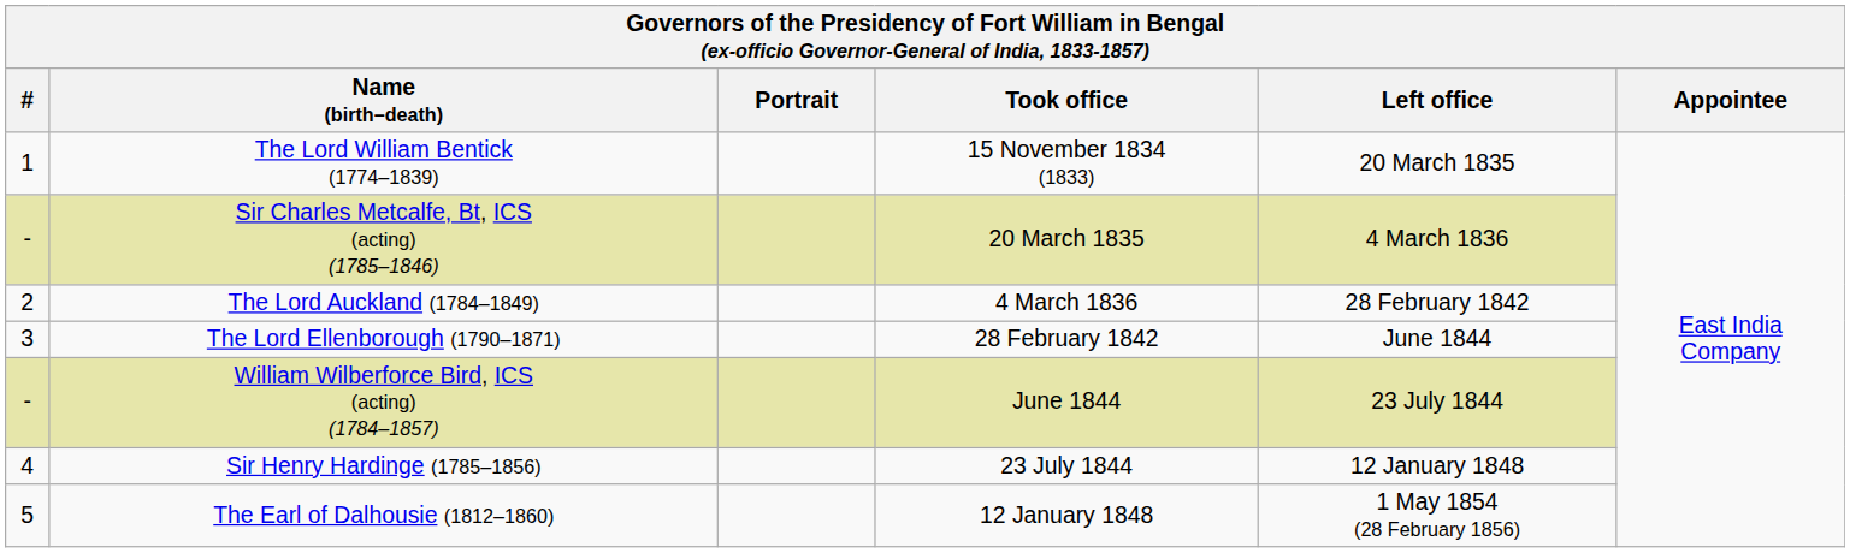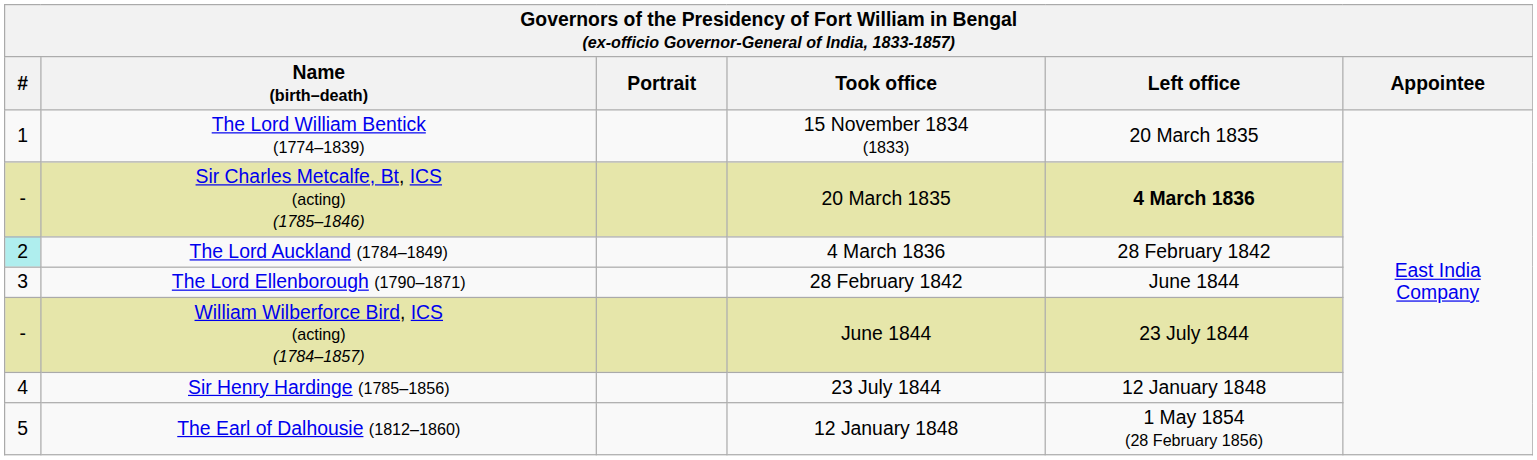 <table class="wikitable" width="100%" style="text-align:center;">
 <tr>
 <th colspan="6"><strong>Governors of the Presidency of Fort William in Bengal</strong><br><small><strong><em>(ex-officio<em> Governor-General of India, 1833-1857)<strong></small></th>
 </tr>
 <tr>
 <th>#</th>
 <th>Name<br><small>(birth–death)</small></th>
 <th width="100px">Portrait</th>
 <th>Took office</th>
 <th>Left office</th>
 <th>Appointee</th>
 </tr>
 <tr align="center">
 <td>1</td>
 <td><a href='#'>The Lord William Bentick</a><br><small>(1774–1839)</small></td>
 <td></td>
 <td>15 November 1834<br><small>(1833)</small></td>
 <td>20 March 1835</td>
 <td rowspan="7"></strong><a href='#'>East India<br>Company</a><strong><br></td>
 </tr>
 <tr align="center">
 <td style="background:#e6e6aa;">-</td>
 <td style="background:#e6e6aa;"><a href='#'>Sir Charles Metcalfe, Bt</a>, <a href='#'>ICS</a><br><small></em>(acting)<em></small><br><small>(1785–1846)</small></td>
 <td style="background:#e6e6aa;"></td>
 <td style="background:#e6e6aa;">20 March 1835</td>
-<td style="background:#e6e6aa;">4 March 1836</td>
+<td style="background:#e6e6aa;"><strong>4 March 1836</strong></td>
 </tr>
 <tr align="center">
-<td>2</td>
+<td style="background: paleturquoise;">2</td>
 <td><a href='#'>The Lord Auckland</a> <small>(1784–1849)</small></td>
 <td></td>
 <td>4 March 1836</td>
 <td>28 February 1842</td>
 </tr>
 <tr align="center">
 <td>3</td>
 <td><a href='#'>The Lord Ellenborough</a> <small>(1790–1871)</small></td>
 <td></td>
 <td>28 February 1842</td>
 <td>June 1844</td>
 </tr>
 <tr align="center">
 <td style="background:#e6e6aa;">-</td>
 <td style="background:#e6e6aa;"><a href='#'>William Wilberforce Bird</a>, <a href='#'>ICS</a><br><small></em>(acting)<em></small><br><small>(1784–1857)</small></td>
 <td style="background:#e6e6aa;"></td>
 <td style="background:#e6e6aa;">June 1844</td>
 <td style="background:#e6e6aa;">23 July 1844</td>
 </tr>
 <tr align="center">
 <td>4</td>
 <td><a href='#'>Sir Henry Hardinge</a> <small>(1785–1856)</small></td>
 <td></td>
 <td>23 July 1844</td>
 <td>12 January 1848</td>
 </tr>
 <tr align="center">
 <td>5</td>
 <td><a href='#'>The Earl of Dalhousie</a> <small>(1812–1860)</small></td>
 <td></td>
 <td>12 January 1848</td>
 <td>1 May 1854<br><small>(28 February 1856)</small></td>
 </tr>
 </table>
